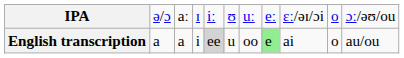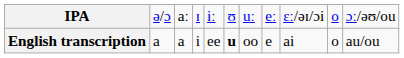 <table class="wikitable">
 <tr>
 <th>IPA</th>
 <td><a href='#'>ə</a>/<a href='#'>ɔ</a></td>
 <td>aː</td>
 <td><a href='#'>ɪ</a></td>
 <td><a href='#'>iː</a></td>
 <td><a href='#'>ʊ</a></td>
 <td><a href='#'>uː</a></td>
 <td><a href='#'>eː</a></td>
 <td><a href='#'>ɛː</a>/əɪ/ɔi</td>
 <td><a href='#'>o</a></td>
 <td><a href='#'>ɔː</a>/əʊ/ou</td>
 </tr>
 <tr>
 <th>English transcription</th>
 <td>a</td>
 <td>a</td>
 <td>i</td>
-<td style="background: lightgrey;">ee</td>
-<td>u</td>
+<td>ee</td>
+<td><strong>u</strong></td>
 <td>oo</td>
-<td style="background: lightgreen;">e</td>
+<td>e</td>
 <td>ai</td>
 <td>o</td>
 <td>au/ou</td>
 </tr>
 </table>
